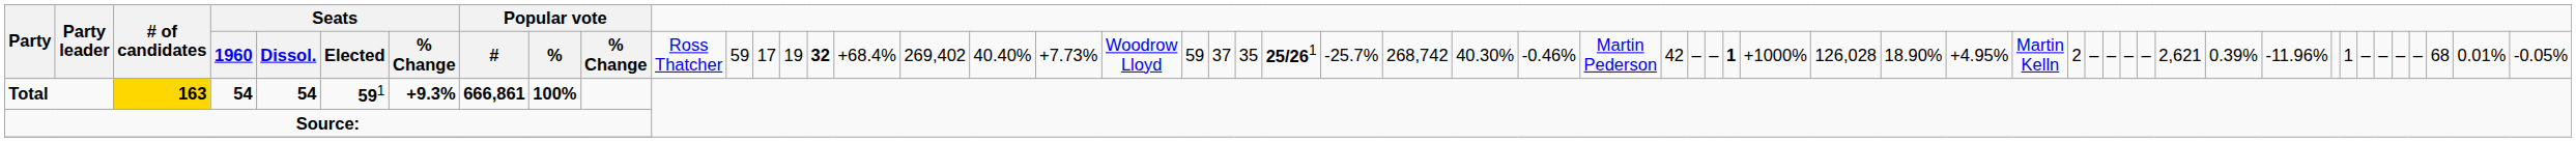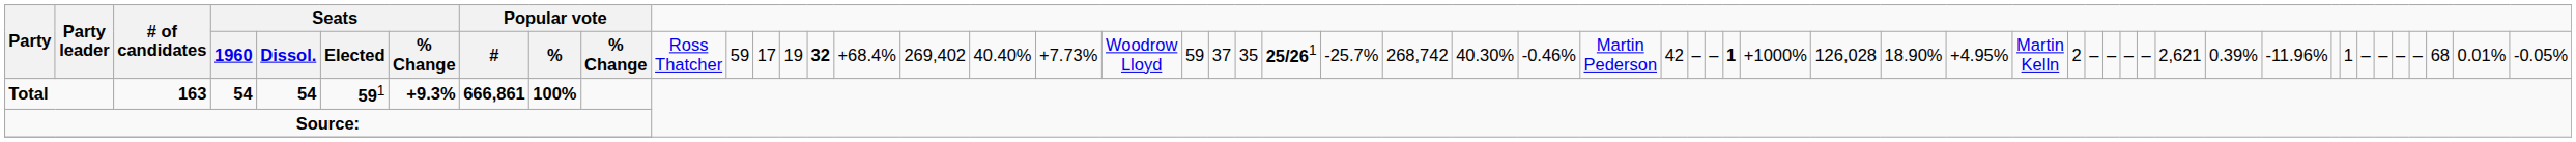 <table class="wikitable">
 <tr>
 <th rowspan=2 colspan=2>Party</th>
 <th rowspan=2>Party leader</th>
 <th rowspan=2># of<br>candidates</th>
 <th colspan=4>Seats</th>
 <th colspan=3>Popular vote</th>
 </tr>
 <tr>
 <th><a href='#'>1960</a></th>
 <th><a href='#'><span>Dissol.</span></a></th>
 <th>Elected</th>
 <th>% Change</th>
 <th>#</th>
 <th>%</th>
 <th>% Change<br></th>
 <td align="center"><a href='#'>Ross Thatcher</a></td>
 <td align="right">59</td>
 <td align="right">17</td>
 <td align="right">19</td>
 <td align="right"><strong>32</strong></td>
 <td align="right">+68.4%</td>
 <td align="right">269,402</td>
 <td align="right">40.40%</td>
 <td align="right">+7.73%<br></td>
 <td align="center"><a href='#'>Woodrow Lloyd</a></td>
 <td align="right">59</td>
 <td align="right">37</td>
 <td align="right">35</td>
 <td align="right"><strong>25/26</strong><sup>1</sup></td>
 <td align="right">-25.7%</td>
 <td align="right">268,742</td>
 <td align="right">40.30%</td>
 <td align="right">-0.46%<br></td>
 <td align="center"><a href='#'>Martin Pederson</a></td>
 <td align="right">42</td>
 <td align="right">–</td>
 <td align="right">–</td>
 <td align="right"><strong>1</strong></td>
 <td align="right">+1000%</td>
 <td align="right">126,028</td>
 <td align="right">18.90%</td>
 <td align="right">+4.95%<br></td>
 <td align="center"><a href='#'>Martin Kelln</a></td>
 <td align="right">2</td>
 <td align="right">–</td>
 <td align="right">–</td>
 <td align="right">–</td>
 <td align="right">–</td>
 <td align="right">2,621</td>
 <td align="right">0.39%</td>
 <td align="right">-11.96%<br></td>
 <td align="center"></td>
 <td align="right">1</td>
 <td align="right">–</td>
 <td align="right">–</td>
 <td align="right">–</td>
 <td align="right">–</td>
 <td align="right">68</td>
 <td align="right">0.01%</td>
 <td align="right">-0.05%</td>
 </tr>
 <tr>
 <td colspan=3><strong>Total</strong></td>
-<td align="right" style="background: gold;"><strong>163</strong></td>
+<td align="right"><strong>163</strong></td>
 <td align="right"><strong>54</strong></td>
 <td align="right"><strong>54</strong></td>
 <td align="right"><strong>59</strong><sup>1</sup></td>
 <td align="right"><strong>+9.3%</strong></td>
 <td align="right"><strong>666,861</strong></td>
 <td align="right"><strong>100%</strong></td>
 <td align="right"> </td>
 </tr>
 <tr>
 <td align="center" colspan=11><strong>Source:</strong> </td>
 </tr>
 <tr>
 </tr>
 </table>
